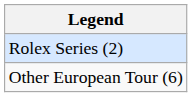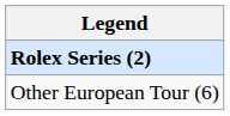 <table class="wikitable" style="font-size:95%;">
 <tr>
 <th>Legend</th>
 </tr>
 <tr style="background:#D6E8FF;">
-<td>Rolex Series (2)</td>
+<td><strong>Rolex Series (2)</strong></td>
 </tr>
 <tr>
 <td>Other European Tour (6)</td>
 </tr>
 </table>
